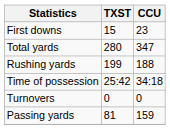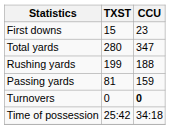 <table class="wikitable" style="float: left;">
 <tr>
 <th>Statistics</th>
 <th>TXST</th>
 <th>CCU</th>
 </tr>
 <tr>
 <td>First downs</td>
 <td>15</td>
 <td>23</td>
 </tr>
 <tr>
 <td>Total yards</td>
 <td>280</td>
 <td>347</td>
 </tr>
 <tr>
 <td>Rushing yards</td>
 <td>199</td>
 <td>188</td>
 </tr>
 <tr>
+<td>Passing yards</td>
+<td>81</td>
+<td>159</td>
+</tr>
+<tr>
+<td>Turnovers</td>
+<td>0</td>
+<td><strong>0</strong></td>
+</tr>
+<tr>
 <td>Time of possession</td>
 <td>25:42</td>
 <td>34:18</td>
 </tr>
 <tr>
-<td>Turnovers</td>
-<td>0</td>
-<td>0</td>
-</tr>
-<tr>
-<td>Passing yards</td>
-<td>81</td>
-<td>159</td>
-</tr>
-<tr>
 </tr>
 </table>
